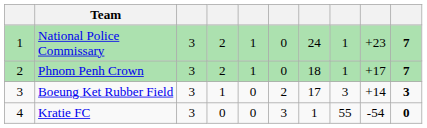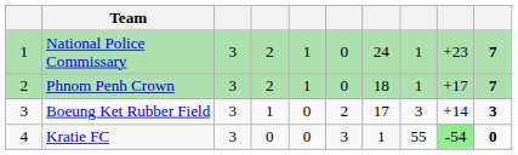 <table class="wikitable" style="text-align: center;">
 <tr>
 <th width=30></th>
 <th width=165>Team</th>
 <th width=30></th>
 <th width=30></th>
 <th width=30></th>
 <th width=30></th>
 <th width=30></th>
 <th width=30></th>
 <th width=30></th>
 <th width=30></th>
 </tr>
 <tr bgcolor=#ACE1AF>
 <td>1</td>
 <td align=left><a href='#'>National Police Commissary</a></td>
 <td>3</td>
 <td>2</td>
 <td>1</td>
 <td>0</td>
 <td>24</td>
 <td>1</td>
 <td>+23</td>
 <td><strong>7</strong></td>
 </tr>
 <tr bgcolor=#ACE1AF>
 <td>2</td>
 <td align=left><a href='#'>Phnom Penh Crown</a></td>
 <td>3</td>
 <td>2</td>
 <td>1</td>
 <td>0</td>
 <td>18</td>
 <td>1</td>
 <td>+17</td>
 <td><strong>7</strong></td>
 </tr>
 <tr>
 <td>3</td>
 <td align=left><a href='#'>Boeung Ket Rubber Field</a></td>
 <td>3</td>
 <td>1</td>
 <td>0</td>
 <td>2</td>
 <td>17</td>
 <td>3</td>
 <td>+14</td>
 <td><strong>3</strong></td>
 </tr>
 <tr>
 <td>4</td>
 <td align=left><a href='#'>Kratie FC</a></td>
 <td>3</td>
 <td>0</td>
 <td>0</td>
 <td>3</td>
 <td>1</td>
 <td>55</td>
-<td>-54</td>
+<td style="background: lightgreen;">-54</td>
 <td><strong>0</strong></td>
 </tr>
 </table>
